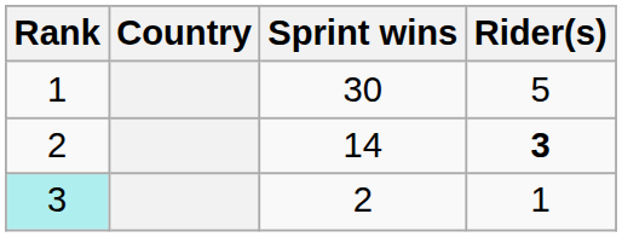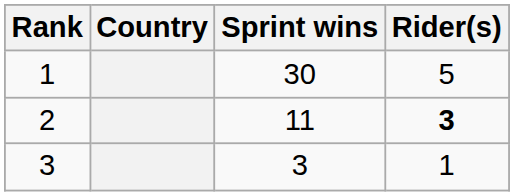 <table class="sortable plainrowheaders wikitable">
 <tr>
 <th scope=col>Rank</th>
 <th scope=col>Country</th>
 <th scope=col>Sprint wins</th>
 <th scope=col>Rider(s)</th>
 </tr>
 <tr>
 <td align="center">1</td>
 <th scope=row></th>
 <td align=center>30</td>
 <td align=center>5</td>
 </tr>
 <tr>
 <td align="center">2</td>
 <th scope=row></th>
-<td align=center>14</td>
+<td align=center>11</td>
 <td align=center><strong>3</strong></td>
 </tr>
 <tr>
-<td align="center" style="background: paleturquoise;">3</td>
+<td align="center">3</td>
 <th scope=row></th>
-<td align=center>2</td>
+<td align=center>3</td>
 <td align=center>1</td>
 </tr>
 </table>
